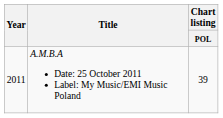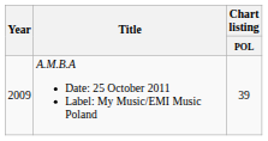 <table class="wikitable" style="text-align: center; margin-bottom: 34px;">
 <tr>
 <th rowspan="2" width="30px">Year</th>
 <th rowspan="2" width="260px">Title</th>
 <th colspan="1">Chart listing</th>
 </tr>
 <tr style="vertical-align:top;line-height:1.2">
 <th width="25px"><small>POL</small><br></th>
 </tr>
 <tr>
-<td>2011</td>
+<td>2009</td>
 <td align="left"><em>A.M.B.A</em><br><ul><li>Date: 25 October 2011</li><li>Label: My Music/EMI Music Poland</li></ul></td>
 <td>39</td>
 </tr>
 </table>
